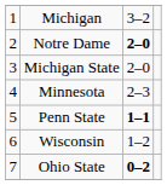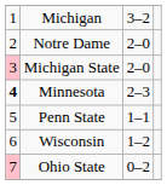 <table class="wikitable" style="text-align: center;">
 <tr>
 </tr>
 <tr>
 <td>1</td>
 <td>Michigan</td>
 <td>3–2</td>
 <td></td>
 </tr>
 <tr>
 <td>2</td>
 <td>Notre Dame</td>
-<td><strong>2–0</strong></td>
+<td>2–0</td>
 <td></td>
 </tr>
 <tr>
-<td>3</td>
+<td style="background: pink;">3</td>
 <td>Michigan State</td>
 <td>2–0</td>
 <td></td>
 </tr>
 <tr>
-<td>4</td>
+<td><strong>4</strong></td>
 <td>Minnesota</td>
 <td>2–3</td>
 <td></td>
 </tr>
 <tr>
 <td>5</td>
 <td>Penn State</td>
-<td><strong>1–1</strong></td>
+<td>1–1</td>
 <td></td>
 </tr>
 <tr>
 <td>6</td>
 <td>Wisconsin</td>
 <td>1–2</td>
 <td></td>
 </tr>
 <tr>
-<td>7</td>
+<td style="background: pink;">7</td>
 <td>Ohio State</td>
-<td><strong>0–2</strong></td>
+<td>0–2</td>
 <td></td>
 </tr>
 <tr>
 </tr>
 </table>
